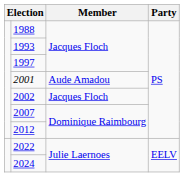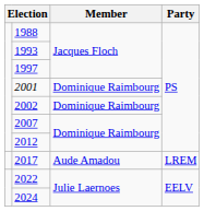 <table class="wikitable">
 <tr>
 <th colspan="2">Election</th>
 <th>Member</th>
 <th>Party</th>
 </tr>
 <tr>
 <td rowspan=7 style="color:inherit;background-color: "></td>
 <td><a href='#'>1988</a></td>
 <td rowspan=3><a href='#'>Jacques Floch</a></td>
 <td rowspan=7><a href='#'>PS</a></td>
 </tr>
 <tr>
 <td><a href='#'>1993</a></td>
 </tr>
 <tr>
 <td><a href='#'>1997</a></td>
 </tr>
 <tr>
 <td><em>2001</em></td>
-<td><a href='#'>Aude Amadou</a></td>
+<td><a href='#'>Dominique Raimbourg</a></td>
 </tr>
 <tr>
 <td><a href='#'>2002</a></td>
-<td><a href='#'>Jacques Floch</a></td>
+<td><a href='#'>Dominique Raimbourg</a></td>
 </tr>
 <tr>
 <td><a href='#'>2007</a></td>
 <td rowspan=2><a href='#'>Dominique Raimbourg</a></td>
 </tr>
 <tr>
 <td><a href='#'>2012</a></td>
+</tr>
+<tr>
+<td style="color:inherit;background-color: "></td>
+<td><a href='#'>2017</a></td>
+<td><a href='#'>Aude Amadou</a></td>
+<td><a href='#'>LREM</a></td>
 </tr>
 <tr>
 <td rowspan=2 style="color:inherit;background-color: "></td>
 <td><a href='#'>2022</a></td>
 <td rowspan=2><a href='#'>Julie Laernoes</a></td>
 <td rowspan=2><a href='#'>EELV</a></td>
 </tr>
 <tr>
 <td><a href='#'>2024</a></td>
 </tr>
 </table>
